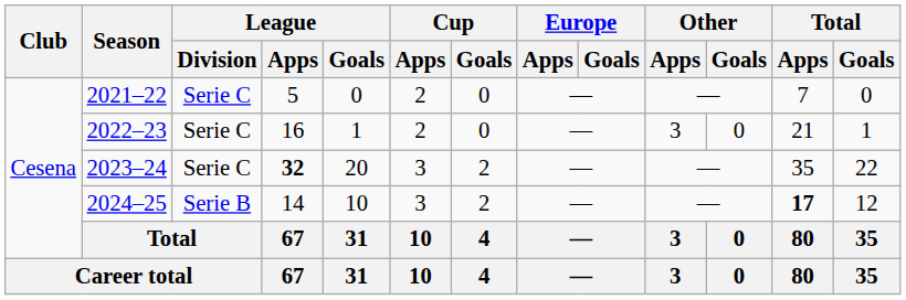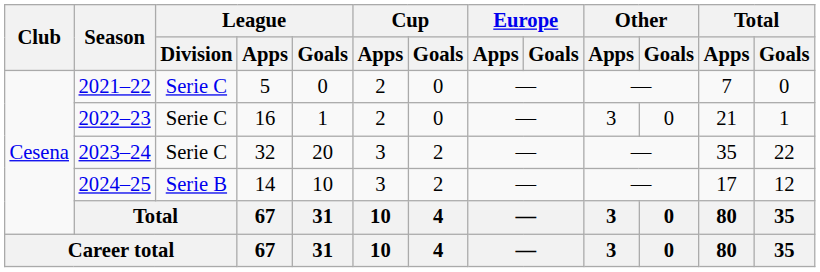 <table class="wikitable" style="text-align:center">
 <tr>
 <th rowspan="2">Club</th>
 <th rowspan="2">Season</th>
 <th colspan="3">League</th>
 <th colspan="2">Cup</th>
 <th colspan="2"><a href='#'>Europe</a></th>
 <th colspan="2">Other</th>
 <th colspan="2">Total</th>
 </tr>
 <tr>
 <th>Division</th>
 <th>Apps</th>
 <th>Goals</th>
 <th>Apps</th>
 <th>Goals</th>
 <th>Apps</th>
 <th>Goals</th>
 <th>Apps</th>
 <th>Goals</th>
 <th>Apps</th>
 <th>Goals</th>
 </tr>
 <tr>
 <td rowspan="5" valign="center"><a href='#'>Cesena</a></td>
 <td><a href='#'>2021–22</a></td>
 <td><a href='#'>Serie C</a></td>
 <td>5</td>
 <td>0</td>
 <td>2</td>
 <td>0</td>
 <td colspan="2">—</td>
 <td colspan="2">—</td>
 <td>7</td>
 <td>0</td>
 </tr>
 <tr>
 <td><a href='#'>2022–23</a></td>
 <td>Serie C</td>
 <td>16</td>
 <td>1</td>
 <td>2</td>
 <td>0</td>
 <td colspan="2">—</td>
 <td>3</td>
 <td>0</td>
 <td>21</td>
 <td>1</td>
 </tr>
 <tr>
 <td><a href='#'>2023–24</a></td>
 <td>Serie C</td>
-<td><strong>32</strong></td>
+<td>32</td>
 <td>20</td>
 <td>3</td>
 <td>2</td>
 <td colspan="2">—</td>
 <td colspan="2">—</td>
 <td>35</td>
 <td>22</td>
 </tr>
 <tr>
 <td><a href='#'>2024–25</a></td>
 <td><a href='#'>Serie B</a></td>
 <td>14</td>
 <td>10</td>
 <td>3</td>
 <td>2</td>
 <td colspan="2">—</td>
 <td colspan="2">—</td>
-<td><strong>17</strong></td>
+<td>17</td>
 <td>12</td>
 </tr>
 <tr>
 <th colspan="2" valign="center">Total</th>
 <th>67</th>
 <th>31</th>
 <th>10</th>
 <th>4</th>
 <th colspan="2">—</th>
 <th>3</th>
 <th>0</th>
 <th>80</th>
 <th>35</th>
 </tr>
 <tr>
 <th colspan="3">Career total</th>
 <th>67</th>
 <th>31</th>
 <th>10</th>
 <th>4</th>
 <th colspan="2">—</th>
 <th>3</th>
 <th>0</th>
 <th>80</th>
 <th>35</th>
 </tr>
 </table>
